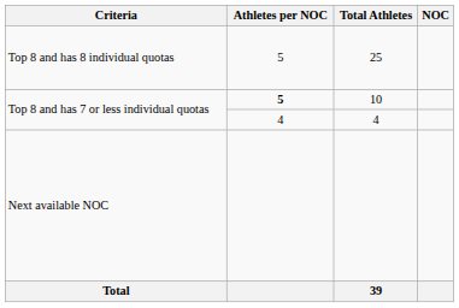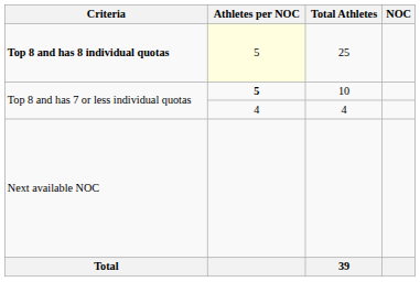 <table class = "wikitable" width="525" style="font-size:90%">
 <tr>
 <th>Criteria</th>
 <th>Athletes per NOC</th>
 <th>Total Athletes</th>
 <th>NOC</th>
 </tr>
 <tr>
-<td>Top 8 and has 8 individual quotas</td>
-<td align=center>5</td>
+<td><strong>Top 8 and has 8 individual quotas</strong></td>
+<td align=center style="background: lightyellow;">5</td>
 <td align=center>25</td>
 <td><br><br><br><br></td>
 </tr>
 <tr>
 <td rowspan="2">Top 8 and has 7 or less individual quotas</td>
 <td align=center><strong>5</strong></td>
 <td align=center>10</td>
 <td><br></td>
 </tr>
 <tr>
 <td align=center>4</td>
 <td align=center>4</td>
 <td></td>
 </tr>
 <tr>
 <td>Next available NOC</td>
 <td align=center></td>
 <td align=center></td>
 <td><br><br><br><br><br><br><br><br><br><br></td>
 </tr>
 <tr>
 <th>Total</th>
 <th></th>
 <th>39</th>
 <th></th>
 </tr>
 </table>
